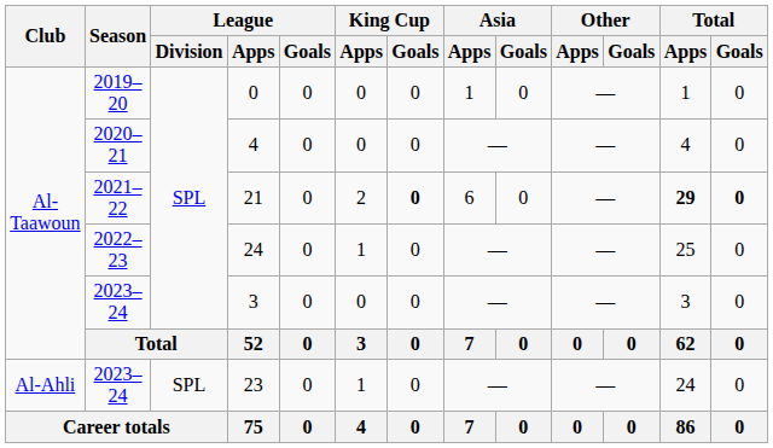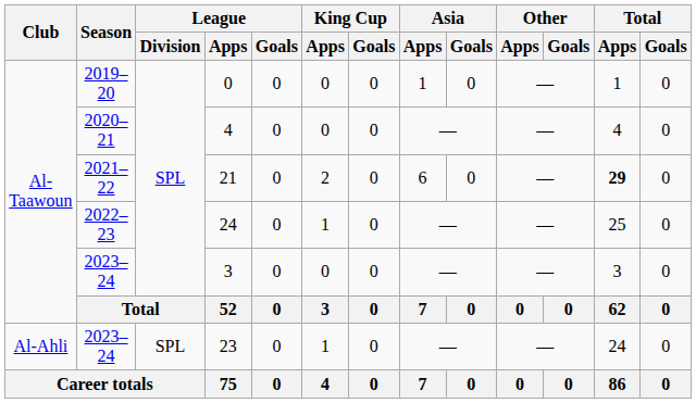 <table class="wikitable" style="text-align: center">
 <tr>
 <th rowspan=2>Club</th>
 <th rowspan=2>Season</th>
 <th colspan=3>League</th>
 <th colspan=2>King Cup</th>
 <th colspan=2>Asia</th>
 <th colspan=2>Other</th>
 <th colspan=2>Total</th>
 </tr>
 <tr>
 <th>Division</th>
 <th>Apps</th>
 <th>Goals</th>
 <th>Apps</th>
 <th>Goals</th>
 <th>Apps</th>
 <th>Goals</th>
 <th>Apps</th>
 <th>Goals</th>
 <th>Apps</th>
 <th>Goals</th>
 </tr>
 <tr>
 <td rowspan=6><a href='#'>Al-Taawoun</a></td>
 <td><a href='#'>2019–20</a></td>
 <td rowspan=5><a href='#'>SPL</a></td>
 <td>0</td>
 <td>0</td>
 <td>0</td>
 <td>0</td>
 <td>1</td>
 <td>0</td>
 <td colspan=2>—</td>
 <td>1</td>
 <td>0</td>
 </tr>
 <tr>
 <td><a href='#'>2020–21</a></td>
 <td>4</td>
 <td>0</td>
 <td>0</td>
 <td>0</td>
 <td colspan=2>—</td>
 <td colspan=2>—</td>
 <td>4</td>
 <td>0</td>
 </tr>
 <tr>
 <td><a href='#'>2021–22</a></td>
 <td>21</td>
 <td>0</td>
 <td>2</td>
-<td><strong>0</strong></td>
+<td>0</td>
 <td>6</td>
 <td>0</td>
 <td colspan=2>—</td>
 <td><strong>29</strong></td>
-<td><strong>0</strong></td>
+<td>0</td>
 </tr>
 <tr>
 <td><a href='#'>2022–23</a></td>
 <td>24</td>
 <td>0</td>
 <td>1</td>
 <td>0</td>
 <td colspan=2>—</td>
 <td colspan=2>—</td>
 <td>25</td>
 <td>0</td>
 </tr>
 <tr>
 <td><a href='#'>2023–24</a></td>
 <td>3</td>
 <td>0</td>
 <td>0</td>
 <td>0</td>
 <td colspan=2>—</td>
 <td colspan=2>—</td>
 <td>3</td>
 <td>0</td>
 </tr>
 <tr>
 <th colspan="2">Total</th>
 <th>52</th>
 <th>0</th>
 <th>3</th>
 <th>0</th>
 <th>7</th>
 <th>0</th>
 <th>0</th>
 <th>0</th>
 <th>62</th>
 <th>0</th>
 </tr>
 <tr>
 <td rowspan=1><a href='#'>Al-Ahli</a></td>
 <td><a href='#'>2023–24</a></td>
 <td>SPL</td>
 <td>23</td>
 <td>0</td>
 <td>1</td>
 <td>0</td>
 <td colspan=2>—</td>
 <td colspan=2>—</td>
 <td>24</td>
 <td>0</td>
 </tr>
 <tr>
 <th colspan=3>Career totals</th>
 <th>75</th>
 <th>0</th>
 <th>4</th>
 <th>0</th>
 <th>7</th>
 <th>0</th>
 <th>0</th>
 <th>0</th>
 <th>86</th>
 <th>0</th>
 </tr>
 </table>
